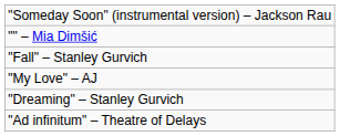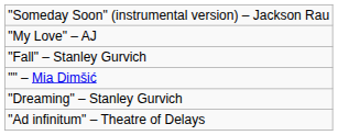 <table class="wikitable mw-collapsible mw-collapsed">
 <tr>
 <td>"Someday Soon" (instrumental version) – Jackson Rau</td>
 </tr>
 <tr>
-<td>"" – <a href='#'>Mia Dimšić</a></td>
+<td>"My Love" – AJ</td>
 </tr>
 <tr>
 <td>"Fall" – Stanley Gurvich</td>
 </tr>
 <tr>
-<td>"My Love" – AJ</td>
+<td>"" – <a href='#'>Mia Dimšić</a></td>
 </tr>
 <tr>
 <td>"Dreaming" – Stanley Gurvich</td>
 </tr>
 <tr>
 <td>"Ad infinitum" – Theatre of Delays</td>
 </tr>
 </table>
